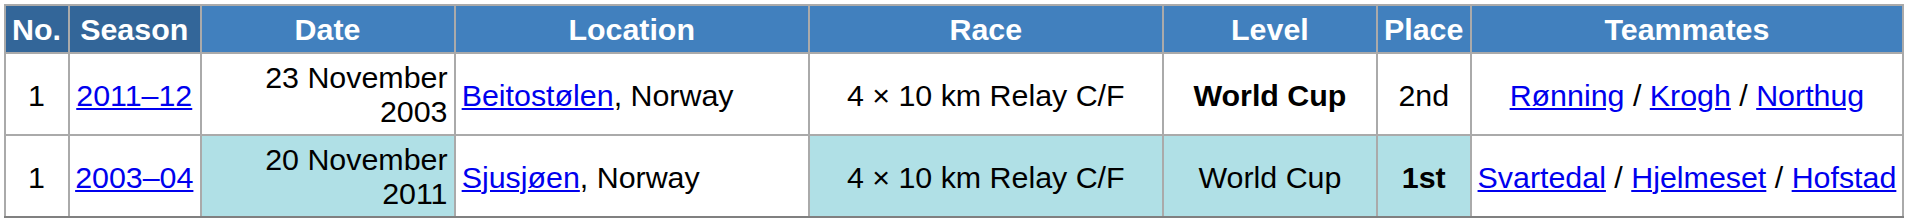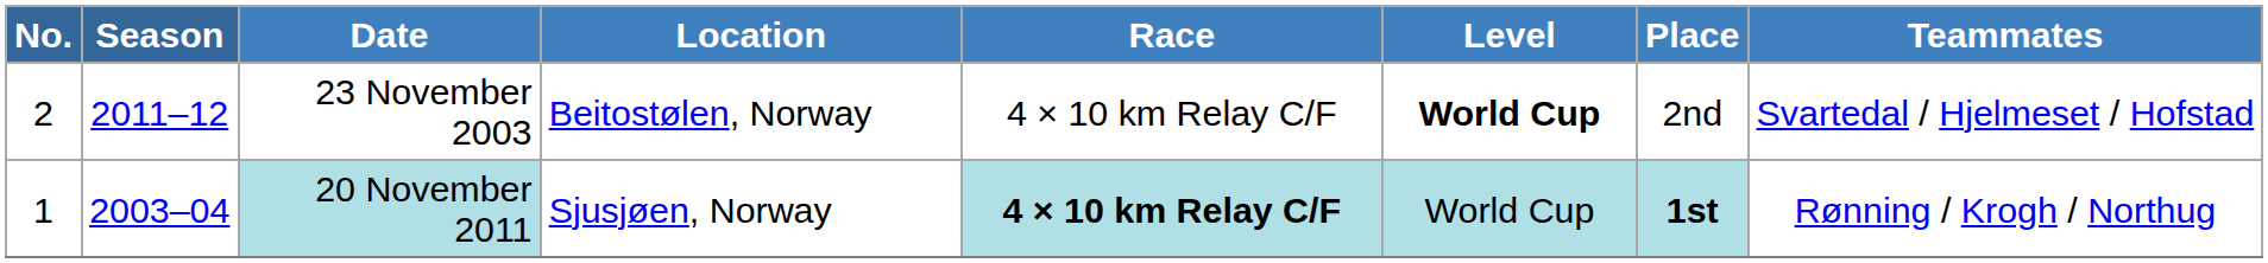 <table class="wikitable sortable" style="font-size:95%; text-align:center; border:grey solid 1px; border-collapse:collapse; background:#ffffff;">
 <tr style="background:#efefef;">
 <th style="background-color:#369; color:white;">No.</th>
 <th style="background-color:#369; color:white;">Season</th>
 <th style="background-color:#4180be; color:white; width:120px;">Date</th>
 <th style="background-color:#4180be; color:white; width:170px;">Location</th>
 <th style="background-color:#4180be; color:white; width:170px;">Race</th>
 <th style="background-color:#4180be; color:white; width:100px;">Level</th>
 <th style="background-color:#4180be; color:white;">Place</th>
 <th style="background-color:#4180be; color:white;">Teammates</th>
 </tr>
 <tr>
-<td align=center>1</td>
+<td align=center>2</td>
 <td rowspan=1 align=center><a href='#'>2011–12</a></td>
 <td align=right>23 November 2003</td>
 <td align=left> <a href='#'>Beitostølen</a>, Norway</td>
 <td>4 × 10 km Relay C/F</td>
 <td><strong>World Cup</strong></td>
 <td>2nd</td>
-<td><a href='#'>Rønning</a> / <a href='#'>Krogh</a> / <a href='#'>Northug</a></td>
+<td><a href='#'>Svartedal</a> / <a href='#'>Hjelmeset</a> / <a href='#'>Hofstad</a></td>
 </tr>
 <tr>
 <td align=center>1</td>
 <td rowspan=1 align=center><a href='#'>2003–04</a></td>
 <td bgcolor="#BOEOE6" align=right>20 November 2011</td>
 <td align=left> <a href='#'>Sjusjøen</a>, Norway</td>
-<td bgcolor="#BOEOE6">4 × 10 km Relay C/F</td>
+<td bgcolor="#BOEOE6"><strong>4 × 10 km Relay C/F</strong></td>
 <td bgcolor="#BOEOE6">World Cup</td>
 <td bgcolor="#BOEOE6"><strong>1st</strong></td>
-<td><a href='#'>Svartedal</a> / <a href='#'>Hjelmeset</a> / <a href='#'>Hofstad</a></td>
+<td><a href='#'>Rønning</a> / <a href='#'>Krogh</a> / <a href='#'>Northug</a></td>
 </tr>
 <tr>
 </tr>
 </table>
